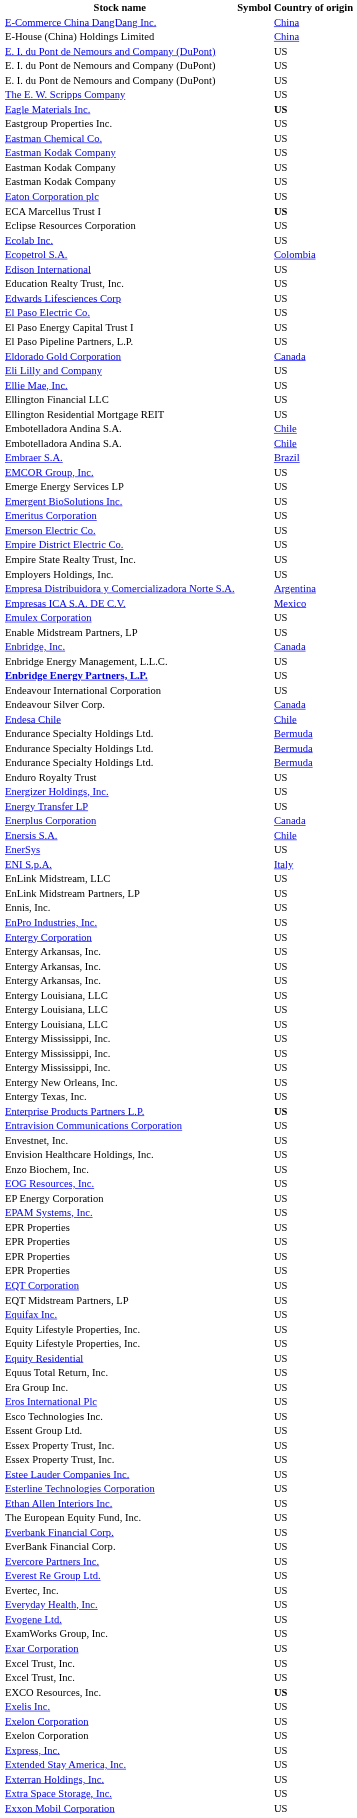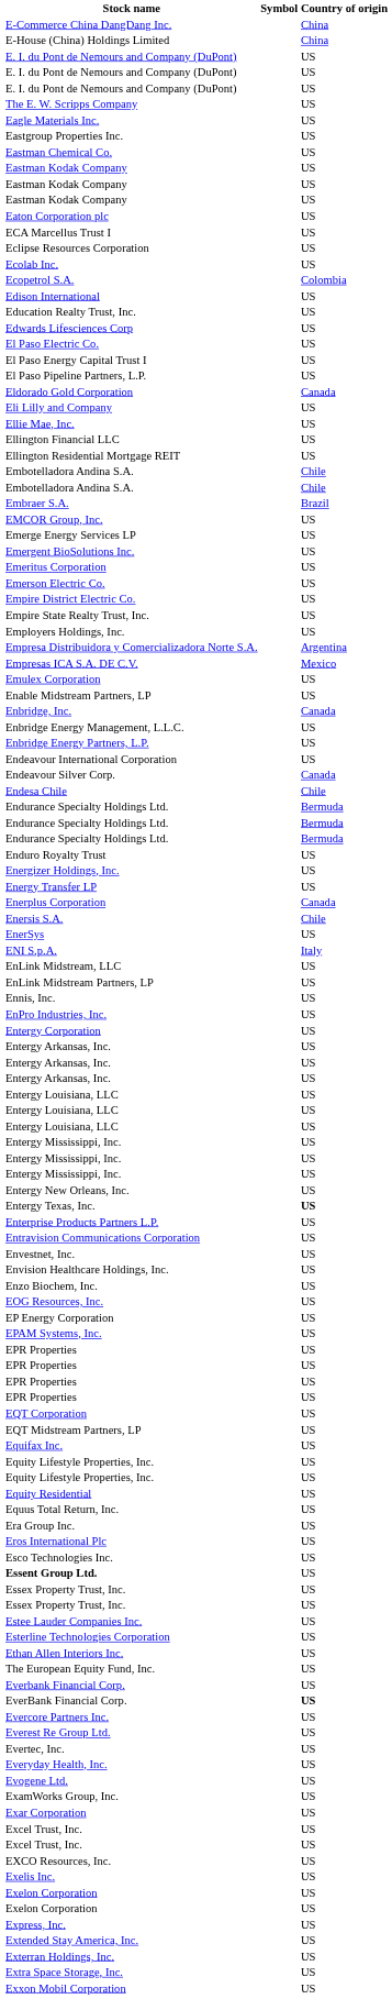 <table style="background:transparent;">
 <tr>
 <th>Stock name</th>
 <th>Symbol</th>
 <th>Country of origin</th>
 </tr>
 <tr --->
 <td><a href='#'>E-Commerce China DangDang Inc.</a></td>
 <td></td>
 <td><a href='#'>China</a></td>
 </tr>
 <tr --->
 <td>E-House (China) Holdings Limited</td>
 <td></td>
 <td><a href='#'>China</a></td>
 </tr>
 <tr --->
 <td><a href='#'>E. I. du Pont de Nemours and Company (DuPont)</a></td>
 <td></td>
 <td>US</td>
 </tr>
 <tr --->
 <td>E. I. du Pont de Nemours and Company (DuPont)</td>
 <td></td>
 <td>US</td>
 </tr>
 <tr --->
 <td>E. I. du Pont de Nemours and Company (DuPont)</td>
 <td></td>
 <td>US</td>
 </tr>
 <tr --->
 <td><a href='#'>The E. W. Scripps Company</a></td>
 <td></td>
 <td>US</td>
 </tr>
 <tr --->
 <td><a href='#'>Eagle Materials Inc.</a></td>
 <td></td>
-<td><strong>US</strong></td>
+<td>US</td>
 </tr>
 <tr --->
 <td>Eastgroup Properties Inc.</td>
 <td></td>
 <td>US</td>
 </tr>
 <tr --->
 <td><a href='#'>Eastman Chemical Co.</a></td>
 <td></td>
 <td>US</td>
 </tr>
 <tr --->
 <td><a href='#'>Eastman Kodak Company</a></td>
 <td></td>
 <td>US</td>
 </tr>
 <tr --->
 <td>Eastman Kodak Company</td>
 <td></td>
 <td>US</td>
 </tr>
 <tr --->
 <td>Eastman Kodak Company</td>
 <td></td>
 <td>US</td>
 </tr>
 <tr --->
 <td><a href='#'>Eaton Corporation plc</a></td>
 <td></td>
 <td>US</td>
 </tr>
 <tr --->
 <td>ECA Marcellus Trust I</td>
 <td></td>
-<td><strong>US</strong></td>
+<td>US</td>
 </tr>
 <tr --->
 <td>Eclipse Resources Corporation</td>
 <td></td>
 <td>US</td>
 </tr>
 <tr --->
 <td><a href='#'>Ecolab Inc.</a></td>
 <td></td>
 <td>US</td>
 </tr>
 <tr --->
 <td><a href='#'>Ecopetrol S.A.</a></td>
 <td></td>
 <td><a href='#'>Colombia</a></td>
 </tr>
 <tr --->
 <td><a href='#'>Edison International</a></td>
 <td></td>
 <td>US</td>
 </tr>
 <tr --->
 <td>Education Realty Trust, Inc.</td>
 <td></td>
 <td>US</td>
 </tr>
 <tr --->
 <td><a href='#'>Edwards Lifesciences Corp</a></td>
 <td></td>
 <td>US</td>
 </tr>
 <tr --->
 <td><a href='#'>El Paso Electric Co.</a></td>
 <td></td>
 <td>US</td>
 </tr>
 <tr --->
 <td>El Paso Energy Capital Trust I</td>
 <td></td>
 <td>US</td>
 </tr>
 <tr --->
 <td>El Paso Pipeline Partners, L.P.</td>
 <td></td>
 <td>US</td>
 </tr>
 <tr --->
 <td><a href='#'>Eldorado Gold Corporation</a></td>
 <td></td>
 <td><a href='#'>Canada</a></td>
 </tr>
 <tr --->
 <td><a href='#'>Eli Lilly and Company</a></td>
 <td></td>
 <td>US</td>
 </tr>
 <tr --->
 <td><a href='#'>Ellie Mae, Inc.</a></td>
 <td></td>
 <td>US</td>
 </tr>
 <tr --->
 <td>Ellington Financial LLC</td>
 <td></td>
 <td>US</td>
 </tr>
 <tr --->
 <td>Ellington Residential Mortgage REIT</td>
 <td></td>
 <td>US</td>
 </tr>
 <tr --->
 <td>Embotelladora Andina S.A.</td>
 <td></td>
 <td><a href='#'>Chile</a></td>
 </tr>
 <tr --->
 <td>Embotelladora Andina S.A.</td>
 <td></td>
 <td><a href='#'>Chile</a></td>
 </tr>
 <tr --->
 <td><a href='#'>Embraer S.A.</a></td>
 <td></td>
 <td><a href='#'>Brazil</a></td>
 </tr>
 <tr --->
 <td><a href='#'>EMCOR Group, Inc.</a></td>
 <td></td>
 <td>US</td>
 </tr>
 <tr --->
 <td>Emerge Energy Services LP</td>
 <td></td>
 <td>US</td>
 </tr>
 <tr --->
 <td><a href='#'>Emergent BioSolutions Inc.</a></td>
 <td></td>
 <td>US</td>
 </tr>
 <tr --->
 <td><a href='#'>Emeritus Corporation</a></td>
 <td></td>
 <td>US</td>
 </tr>
 <tr --->
 <td><a href='#'>Emerson Electric Co.</a></td>
 <td></td>
 <td>US</td>
 </tr>
 <tr --->
 <td><a href='#'>Empire District Electric Co.</a></td>
 <td></td>
 <td>US</td>
 </tr>
 <tr --->
 <td>Empire State Realty Trust, Inc.</td>
 <td></td>
 <td>US</td>
 </tr>
 <tr --->
 <td>Employers Holdings, Inc.</td>
 <td></td>
 <td>US</td>
 </tr>
 <tr --->
 <td><a href='#'>Empresa Distribuidora y Comercializadora Norte S.A.</a></td>
 <td></td>
 <td><a href='#'>Argentina</a></td>
 </tr>
 <tr --->
 <td><a href='#'>Empresas ICA S.A. DE C.V.</a></td>
 <td></td>
 <td><a href='#'>Mexico</a></td>
 </tr>
 <tr --->
 <td><a href='#'>Emulex Corporation</a></td>
 <td></td>
 <td>US</td>
 </tr>
 <tr --->
 <td>Enable Midstream Partners, LP</td>
 <td></td>
 <td>US</td>
 </tr>
 <tr --->
 <td><a href='#'>Enbridge, Inc.</a></td>
 <td></td>
 <td><a href='#'>Canada</a></td>
 </tr>
 <tr --->
 <td>Enbridge Energy Management, L.L.C.</td>
 <td></td>
 <td>US</td>
 </tr>
 <tr --->
-<td><strong><a href='#'>Enbridge Energy Partners, L.P.</a></strong></td>
+<td><a href='#'>Enbridge Energy Partners, L.P.</a></td>
 <td></td>
 <td>US</td>
 </tr>
 <tr --->
 <td>Endeavour International Corporation</td>
 <td></td>
 <td>US</td>
 </tr>
 <tr --->
 <td>Endeavour Silver Corp.</td>
 <td></td>
 <td><a href='#'>Canada</a></td>
 </tr>
 <tr --->
 <td><a href='#'>Endesa Chile</a></td>
 <td></td>
 <td><a href='#'>Chile</a></td>
 </tr>
 <tr --->
 <td>Endurance Specialty Holdings Ltd.</td>
 <td></td>
 <td><a href='#'>Bermuda</a></td>
 </tr>
 <tr --->
 <td>Endurance Specialty Holdings Ltd.</td>
 <td></td>
 <td><a href='#'>Bermuda</a></td>
 </tr>
 <tr --->
 <td>Endurance Specialty Holdings Ltd.</td>
 <td></td>
 <td><a href='#'>Bermuda</a></td>
 </tr>
 <tr --->
 <td>Enduro Royalty Trust</td>
 <td></td>
 <td>US</td>
 </tr>
 <tr --->
 <td><a href='#'>Energizer Holdings, Inc.</a></td>
 <td></td>
 <td>US</td>
 </tr>
 <tr --->
 <td><a href='#'>Energy Transfer LP</a></td>
 <td></td>
 <td>US</td>
 </tr>
 <tr --->
 <td><a href='#'>Enerplus Corporation</a></td>
 <td></td>
 <td><a href='#'>Canada</a></td>
 </tr>
 <tr --->
 <td><a href='#'>Enersis S.A.</a></td>
 <td></td>
 <td><a href='#'>Chile</a></td>
 </tr>
 <tr --->
 <td><a href='#'>EnerSys</a></td>
 <td></td>
 <td>US</td>
 </tr>
 <tr --->
 <td><a href='#'>ENI S.p.A.</a></td>
 <td></td>
 <td><a href='#'>Italy</a></td>
 </tr>
 <tr --->
 <td>EnLink Midstream, LLC</td>
 <td></td>
 <td>US</td>
 </tr>
 <tr --->
 <td>EnLink Midstream Partners, LP</td>
 <td></td>
 <td>US</td>
 </tr>
 <tr --->
 <td>Ennis, Inc.</td>
 <td></td>
 <td>US</td>
 </tr>
 <tr --->
 <td><a href='#'>EnPro Industries, Inc.</a></td>
 <td></td>
 <td>US</td>
 </tr>
 <tr --->
 <td><a href='#'>Entergy Corporation</a></td>
 <td></td>
 <td>US</td>
 </tr>
 <tr --->
 <td>Entergy Arkansas, Inc.</td>
 <td></td>
 <td>US</td>
 </tr>
 <tr --->
 <td>Entergy Arkansas, Inc.</td>
 <td></td>
 <td>US</td>
 </tr>
 <tr --->
 <td>Entergy Arkansas, Inc.</td>
 <td></td>
 <td>US</td>
 </tr>
 <tr --->
 <td>Entergy Louisiana, LLC</td>
 <td></td>
 <td>US</td>
 </tr>
 <tr --->
 <td>Entergy Louisiana, LLC</td>
 <td></td>
 <td>US</td>
 </tr>
 <tr --->
 <td>Entergy Louisiana, LLC</td>
 <td></td>
 <td>US</td>
 </tr>
 <tr --->
 <td>Entergy Mississippi, Inc.</td>
 <td></td>
 <td>US</td>
 </tr>
 <tr --->
 <td>Entergy Mississippi, Inc.</td>
 <td></td>
 <td>US</td>
 </tr>
 <tr --->
 <td>Entergy Mississippi, Inc.</td>
 <td></td>
 <td>US</td>
 </tr>
 <tr --->
 <td>Entergy New Orleans, Inc.</td>
 <td></td>
 <td>US</td>
 </tr>
 <tr --->
 <td>Entergy Texas, Inc.</td>
 <td></td>
-<td>US</td>
+<td><strong>US</strong></td>
 </tr>
 <tr --->
 <td><a href='#'>Enterprise Products Partners L.P.</a></td>
 <td></td>
-<td><strong>US</strong></td>
+<td>US</td>
 </tr>
 <tr --->
 <td><a href='#'>Entravision Communications Corporation</a></td>
 <td></td>
 <td>US</td>
 </tr>
 <tr --->
 <td>Envestnet, Inc.</td>
 <td></td>
 <td>US</td>
 </tr>
 <tr --->
 <td>Envision Healthcare Holdings, Inc.</td>
 <td></td>
 <td>US</td>
 </tr>
 <tr --->
 <td>Enzo Biochem, Inc.</td>
 <td></td>
 <td>US</td>
 </tr>
 <tr --->
 <td><a href='#'>EOG Resources, Inc.</a></td>
 <td></td>
 <td>US</td>
 </tr>
 <tr --->
 <td>EP Energy Corporation</td>
 <td></td>
 <td>US</td>
 </tr>
 <tr --->
 <td><a href='#'>EPAM Systems, Inc.</a></td>
 <td></td>
 <td>US</td>
 </tr>
 <tr --->
 <td>EPR Properties</td>
 <td></td>
 <td>US</td>
 </tr>
 <tr --->
 <td>EPR Properties</td>
 <td></td>
 <td>US</td>
 </tr>
 <tr --->
 <td>EPR Properties</td>
 <td></td>
 <td>US</td>
 </tr>
 <tr --->
 <td>EPR Properties</td>
 <td></td>
 <td>US</td>
 </tr>
 <tr --->
 <td><a href='#'>EQT Corporation</a></td>
 <td></td>
 <td>US</td>
 </tr>
 <tr --->
 <td>EQT Midstream Partners, LP</td>
 <td></td>
 <td>US</td>
 </tr>
 <tr --->
 <td><a href='#'>Equifax Inc.</a></td>
 <td></td>
 <td>US</td>
 </tr>
 <tr --->
 <td>Equity Lifestyle Properties, Inc.</td>
 <td></td>
 <td>US</td>
 </tr>
 <tr --->
 <td>Equity Lifestyle Properties, Inc.</td>
 <td></td>
 <td>US</td>
 </tr>
 <tr --->
 <td><a href='#'>Equity Residential</a></td>
 <td></td>
 <td>US</td>
 </tr>
 <tr --->
 <td>Equus Total Return, Inc.</td>
 <td></td>
 <td>US</td>
 </tr>
 <tr --->
 <td>Era Group Inc.</td>
 <td></td>
 <td>US</td>
 </tr>
 <tr --->
 <td><a href='#'>Eros International Plc</a></td>
 <td></td>
 <td>US</td>
 </tr>
 <tr --->
 <td>Esco Technologies Inc.</td>
 <td></td>
 <td>US</td>
 </tr>
 <tr --->
-<td>Essent Group Ltd.</td>
+<td><strong>Essent Group Ltd.</strong></td>
 <td></td>
 <td>US</td>
 </tr>
 <tr --->
 <td>Essex Property Trust, Inc.</td>
 <td></td>
 <td>US</td>
 </tr>
 <tr --->
 <td>Essex Property Trust, Inc.</td>
 <td></td>
 <td>US</td>
 </tr>
 <tr --->
 <td><a href='#'>Estee Lauder Companies Inc.</a></td>
 <td></td>
 <td>US</td>
 </tr>
 <tr --->
 <td><a href='#'>Esterline Technologies Corporation</a></td>
 <td></td>
 <td>US</td>
 </tr>
 <tr --->
 <td><a href='#'>Ethan Allen Interiors Inc.</a></td>
 <td></td>
 <td>US</td>
 </tr>
 <tr --->
 <td>The European Equity Fund, Inc.</td>
 <td></td>
 <td>US</td>
 </tr>
 <tr --->
 <td><a href='#'>Everbank Financial Corp.</a></td>
 <td></td>
 <td>US</td>
 </tr>
 <tr --->
 <td>EverBank Financial Corp.</td>
 <td></td>
-<td>US</td>
+<td><strong>US</strong></td>
 </tr>
 <tr --->
 <td><a href='#'>Evercore Partners Inc.</a></td>
 <td></td>
 <td>US</td>
 </tr>
 <tr --->
 <td><a href='#'>Everest Re Group Ltd.</a></td>
 <td></td>
 <td>US</td>
 </tr>
 <tr --->
 <td>Evertec, Inc.</td>
 <td></td>
 <td>US</td>
 </tr>
 <tr --->
 <td><a href='#'>Everyday Health, Inc.</a></td>
 <td></td>
 <td>US</td>
 </tr>
 <tr --->
 <td><a href='#'>Evogene Ltd.</a></td>
 <td></td>
 <td>US</td>
 </tr>
 <tr --->
 <td>ExamWorks Group, Inc.</td>
 <td></td>
 <td>US</td>
 </tr>
 <tr --->
 <td><a href='#'>Exar Corporation</a></td>
 <td></td>
 <td>US</td>
 </tr>
 <tr --->
 <td>Excel Trust, Inc.</td>
 <td></td>
 <td>US</td>
 </tr>
 <tr --->
 <td>Excel Trust, Inc.</td>
 <td></td>
 <td>US</td>
 </tr>
 <tr --->
 <td>EXCO Resources, Inc.</td>
 <td></td>
-<td><strong>US</strong></td>
+<td>US</td>
 </tr>
 <tr --->
 <td><a href='#'>Exelis Inc.</a></td>
 <td></td>
 <td>US</td>
 </tr>
 <tr --->
 <td><a href='#'>Exelon Corporation</a></td>
 <td></td>
 <td>US</td>
 </tr>
 <tr --->
 <td>Exelon Corporation</td>
 <td></td>
 <td>US</td>
 </tr>
 <tr --->
 <td><a href='#'>Express, Inc.</a></td>
 <td></td>
 <td>US</td>
 </tr>
 <tr --->
 <td><a href='#'>Extended Stay America, Inc.</a></td>
 <td></td>
 <td>US</td>
 </tr>
 <tr --->
 <td><a href='#'>Exterran Holdings, Inc.</a></td>
 <td></td>
 <td>US</td>
 </tr>
 <tr --->
 <td><a href='#'>Extra Space Storage, Inc.</a></td>
 <td></td>
 <td>US</td>
 </tr>
 <tr --->
 <td><a href='#'>Exxon Mobil Corporation</a></td>
 <td></td>
 <td>US</td>
 </tr>
 <tr --->
 </tr>
 </table>
